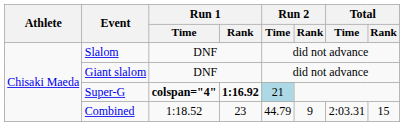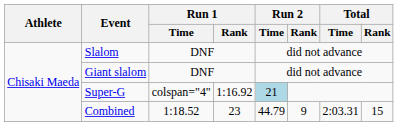 <table class="wikitable" style="font-size:90%">
 <tr>
 <th rowspan=2>Athlete</th>
 <th rowspan=2>Event</th>
 <th colspan=2>Run 1</th>
 <th colspan=2>Run 2</th>
 <th colspan=2>Total</th>
 </tr>
 <tr style="font-size:95%">
 <th>Time</th>
 <th>Rank</th>
 <th>Time</th>
 <th>Rank</th>
 <th>Time</th>
 <th>Rank</th>
 </tr>
 <tr align=center>
 <td align="left" rowspan="4"><a href='#'>Chisaki Maeda</a></td>
 <td align="left"><a href='#'>Slalom</a></td>
 <td colspan=2>DNF</td>
 <td colspan=4>did not advance</td>
 </tr>
 <tr align=center>
 <td align="left"><a href='#'>Giant slalom</a></td>
 <td colspan=2>DNF</td>
 <td colspan=4>did not advance</td>
 </tr>
 <tr align=center>
 <td align="left"><a href='#'>Super-G</a></td>
-<td><strong>colspan="4" </strong></td>
-<td><strong>1:16.92</strong></td>
+<td>colspan="4" </td>
+<td>1:16.92</td>
 <td style="background: lightblue;">21</td>
 </tr>
 <tr align=center>
 <td align="left"><a href='#'>Combined</a></td>
 <td>1:18.52</td>
 <td>23</td>
 <td>44.79</td>
 <td>9</td>
 <td>2:03.31</td>
 <td>15</td>
 </tr>
 </table>
